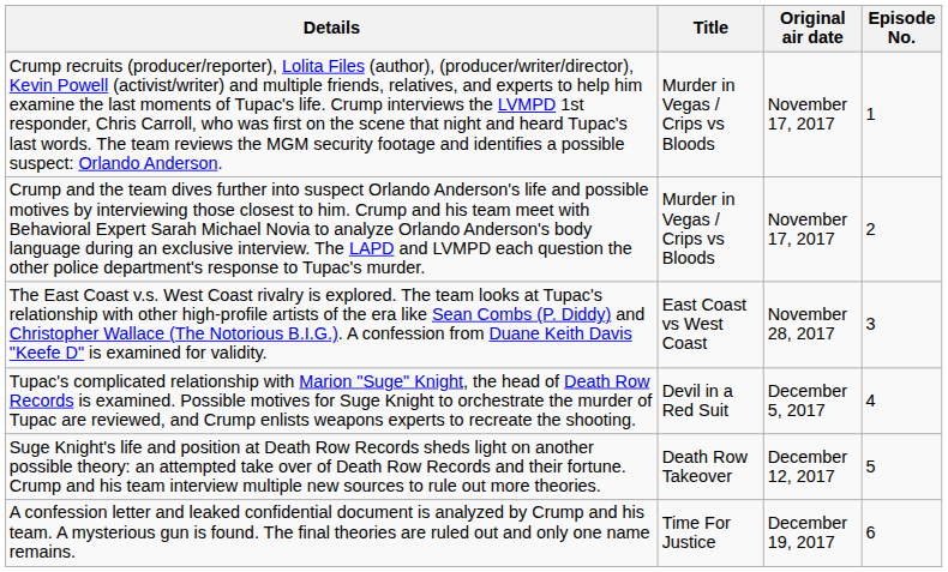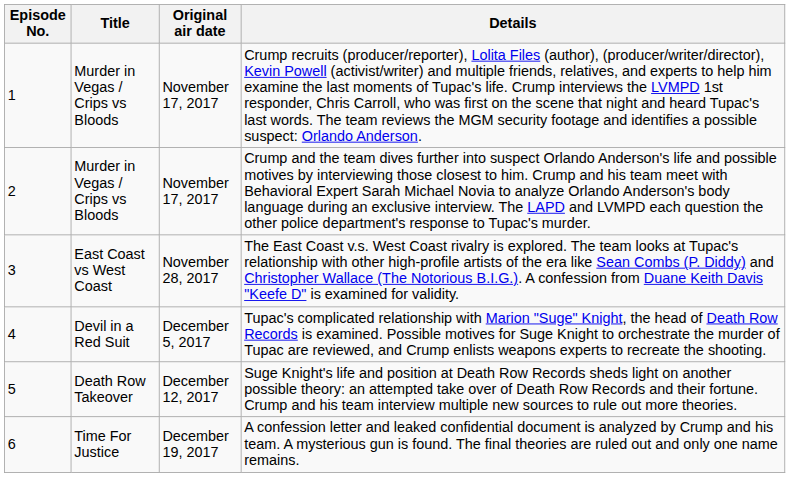 <table class="wikitable">
 <tr>
-<th>Details</th>
+<th>Episode No.</th>
 <th>Title</th>
 <th>Original air date</th>
-<th>Episode No.</th>
+<th>Details</th>
 </tr>
 <tr>
-<td>Crump recruits  (producer/reporter), <a href='#'>Lolita Files</a> (author),  (producer/writer/director), <a href='#'>Kevin Powell</a> (activist/writer) and multiple friends, relatives, and experts to help him examine the last moments of Tupac's life. Crump interviews the <a href='#'>LVMPD</a> 1st responder, Chris Carroll,  who was first on the scene that night and heard Tupac's last words. The team reviews the MGM security footage and identifies a possible suspect: <a href='#'>Orlando Anderson</a>.</td>
+<td>1</td>
 <td>Murder in Vegas / Crips vs Bloods</td>
 <td>November 17, 2017</td>
-<td>1</td>
+<td>Crump recruits  (producer/reporter), <a href='#'>Lolita Files</a> (author),  (producer/writer/director), <a href='#'>Kevin Powell</a> (activist/writer) and multiple friends, relatives, and experts to help him examine the last moments of Tupac's life. Crump interviews the <a href='#'>LVMPD</a> 1st responder, Chris Carroll,  who was first on the scene that night and heard Tupac's last words. The team reviews the MGM security footage and identifies a possible suspect: <a href='#'>Orlando Anderson</a>.</td>
 </tr>
 <tr>
-<td>Crump and the team dives further into suspect Orlando Anderson's life and possible motives by interviewing those closest to him. Crump and his team meet with Behavioral Expert Sarah Michael Novia to analyze Orlando Anderson's body language during an exclusive interview. The <a href='#'>LAPD</a> and LVMPD each question the other police department's response to Tupac's murder.</td>
+<td>2</td>
 <td>Murder in Vegas / Crips vs Bloods</td>
 <td>November 17, 2017</td>
-<td>2</td>
+<td>Crump and the team dives further into suspect Orlando Anderson's life and possible motives by interviewing those closest to him. Crump and his team meet with Behavioral Expert Sarah Michael Novia to analyze Orlando Anderson's body language during an exclusive interview. The <a href='#'>LAPD</a> and LVMPD each question the other police department's response to Tupac's murder.</td>
 </tr>
 <tr>
-<td>The East Coast v.s. West Coast rivalry is explored. The team  looks at Tupac's relationship with other high-profile artists of the era like <a href='#'>Sean Combs (P. Diddy)</a> and <a href='#'>Christopher Wallace (The Notorious B.I.G.)</a>. A  confession from <a href='#'>Duane Keith Davis "Keefe D"</a> is examined for validity.</td>
+<td>3</td>
 <td>East Coast vs West Coast</td>
 <td>November 28, 2017</td>
-<td>3</td>
+<td>The East Coast v.s. West Coast rivalry is explored. The team  looks at Tupac's relationship with other high-profile artists of the era like <a href='#'>Sean Combs (P. Diddy)</a> and <a href='#'>Christopher Wallace (The Notorious B.I.G.)</a>. A  confession from <a href='#'>Duane Keith Davis "Keefe D"</a> is examined for validity.</td>
 </tr>
 <tr>
-<td>Tupac's complicated relationship with <a href='#'>Marion "Suge" Knight</a>, the head of <a href='#'>Death Row Records</a> is examined. Possible motives for Suge Knight to orchestrate the murder of Tupac are reviewed, and Crump enlists weapons experts to recreate the shooting.</td>
+<td>4</td>
 <td>Devil in a Red Suit</td>
 <td>December 5, 2017</td>
-<td>4</td>
+<td>Tupac's complicated relationship with <a href='#'>Marion "Suge" Knight</a>, the head of <a href='#'>Death Row Records</a> is examined. Possible motives for Suge Knight to orchestrate the murder of Tupac are reviewed, and Crump enlists weapons experts to recreate the shooting.</td>
 </tr>
 <tr>
-<td>Suge Knight's life and position at Death Row Records sheds light on another possible theory: an attempted take over of Death Row Records and their fortune. Crump and his team interview multiple new sources to rule out more theories.</td>
+<td>5</td>
 <td>Death Row Takeover</td>
 <td>December 12, 2017</td>
-<td>5</td>
+<td>Suge Knight's life and position at Death Row Records sheds light on another possible theory: an attempted take over of Death Row Records and their fortune. Crump and his team interview multiple new sources to rule out more theories.</td>
 </tr>
 <tr>
-<td>A confession letter and leaked confidential document is analyzed by Crump and his team. A mysterious gun is found. The final theories are ruled out and only one name remains.</td>
+<td>6</td>
 <td>Time For Justice</td>
 <td>December 19, 2017</td>
-<td>6</td>
+<td>A confession letter and leaked confidential document is analyzed by Crump and his team. A mysterious gun is found. The final theories are ruled out and only one name remains.</td>
 </tr>
 </table>
